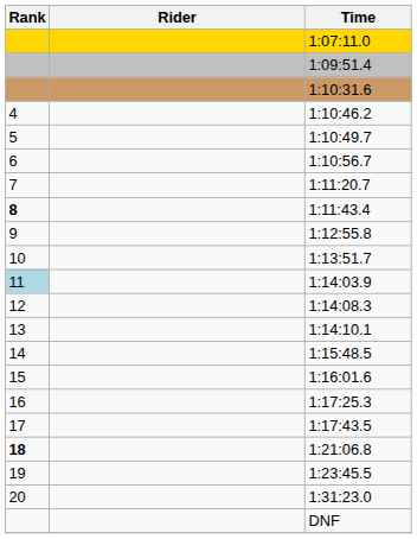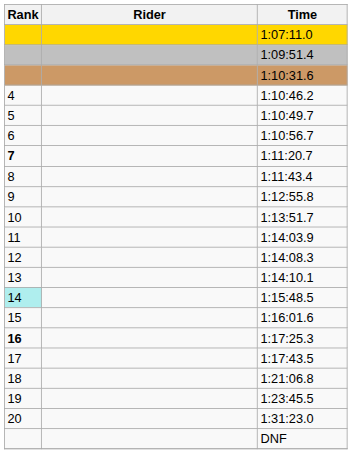 <table class="wikitable" style="font-size:95%" style="width:35em;" style="text-align:center">
 <tr>
 <th>Rank</th>
 <th width=250>Rider</th>
 <th width=100>Time</th>
 </tr>
 <tr bgcolor=gold>
 <td></td>
 <td align=left></td>
 <td>1:07:11.0</td>
 </tr>
 <tr bgcolor=silver>
 <td></td>
 <td align=left></td>
 <td>1:09:51.4</td>
 </tr>
 <tr bgcolor=cc9966>
 <td></td>
 <td align=left></td>
 <td>1:10:31.6</td>
 </tr>
 <tr>
 <td>4</td>
 <td align=left></td>
 <td>1:10:46.2</td>
 </tr>
 <tr>
 <td>5</td>
 <td align=left></td>
 <td>1:10:49.7</td>
 </tr>
 <tr>
 <td>6</td>
 <td align=left></td>
 <td>1:10:56.7</td>
 </tr>
 <tr>
-<td>7</td>
+<td><strong>7</strong></td>
 <td align=left></td>
 <td>1:11:20.7</td>
 </tr>
 <tr>
-<td><strong>8</strong></td>
+<td>8</td>
 <td align=left></td>
 <td>1:11:43.4</td>
 </tr>
 <tr>
 <td>9</td>
 <td align=left></td>
 <td>1:12:55.8</td>
 </tr>
 <tr>
 <td>10</td>
 <td align=left></td>
 <td>1:13:51.7</td>
 </tr>
 <tr>
-<td style="background: lightblue;">11</td>
+<td>11</td>
 <td align=left></td>
 <td>1:14:03.9</td>
 </tr>
 <tr>
 <td>12</td>
 <td align=left></td>
 <td>1:14:08.3</td>
 </tr>
 <tr>
 <td>13</td>
 <td align=left></td>
 <td>1:14:10.1</td>
 </tr>
 <tr>
-<td>14</td>
+<td style="background: paleturquoise;">14</td>
 <td align=left></td>
 <td>1:15:48.5</td>
 </tr>
 <tr>
 <td>15</td>
 <td align=left></td>
 <td>1:16:01.6</td>
 </tr>
 <tr>
-<td>16</td>
+<td><strong>16</strong></td>
 <td align=left></td>
 <td>1:17:25.3</td>
 </tr>
 <tr>
 <td>17</td>
 <td align=left></td>
 <td>1:17:43.5</td>
 </tr>
 <tr>
-<td><strong>18</strong></td>
+<td>18</td>
 <td align=left></td>
 <td>1:21:06.8</td>
 </tr>
 <tr>
 <td>19</td>
 <td align=left></td>
 <td>1:23:45.5</td>
 </tr>
 <tr>
 <td>20</td>
 <td align=left></td>
 <td>1:31:23.0</td>
 </tr>
 <tr>
 <td></td>
 <td align=left></td>
 <td>DNF</td>
 </tr>
 <tr>
 </tr>
 </table>
